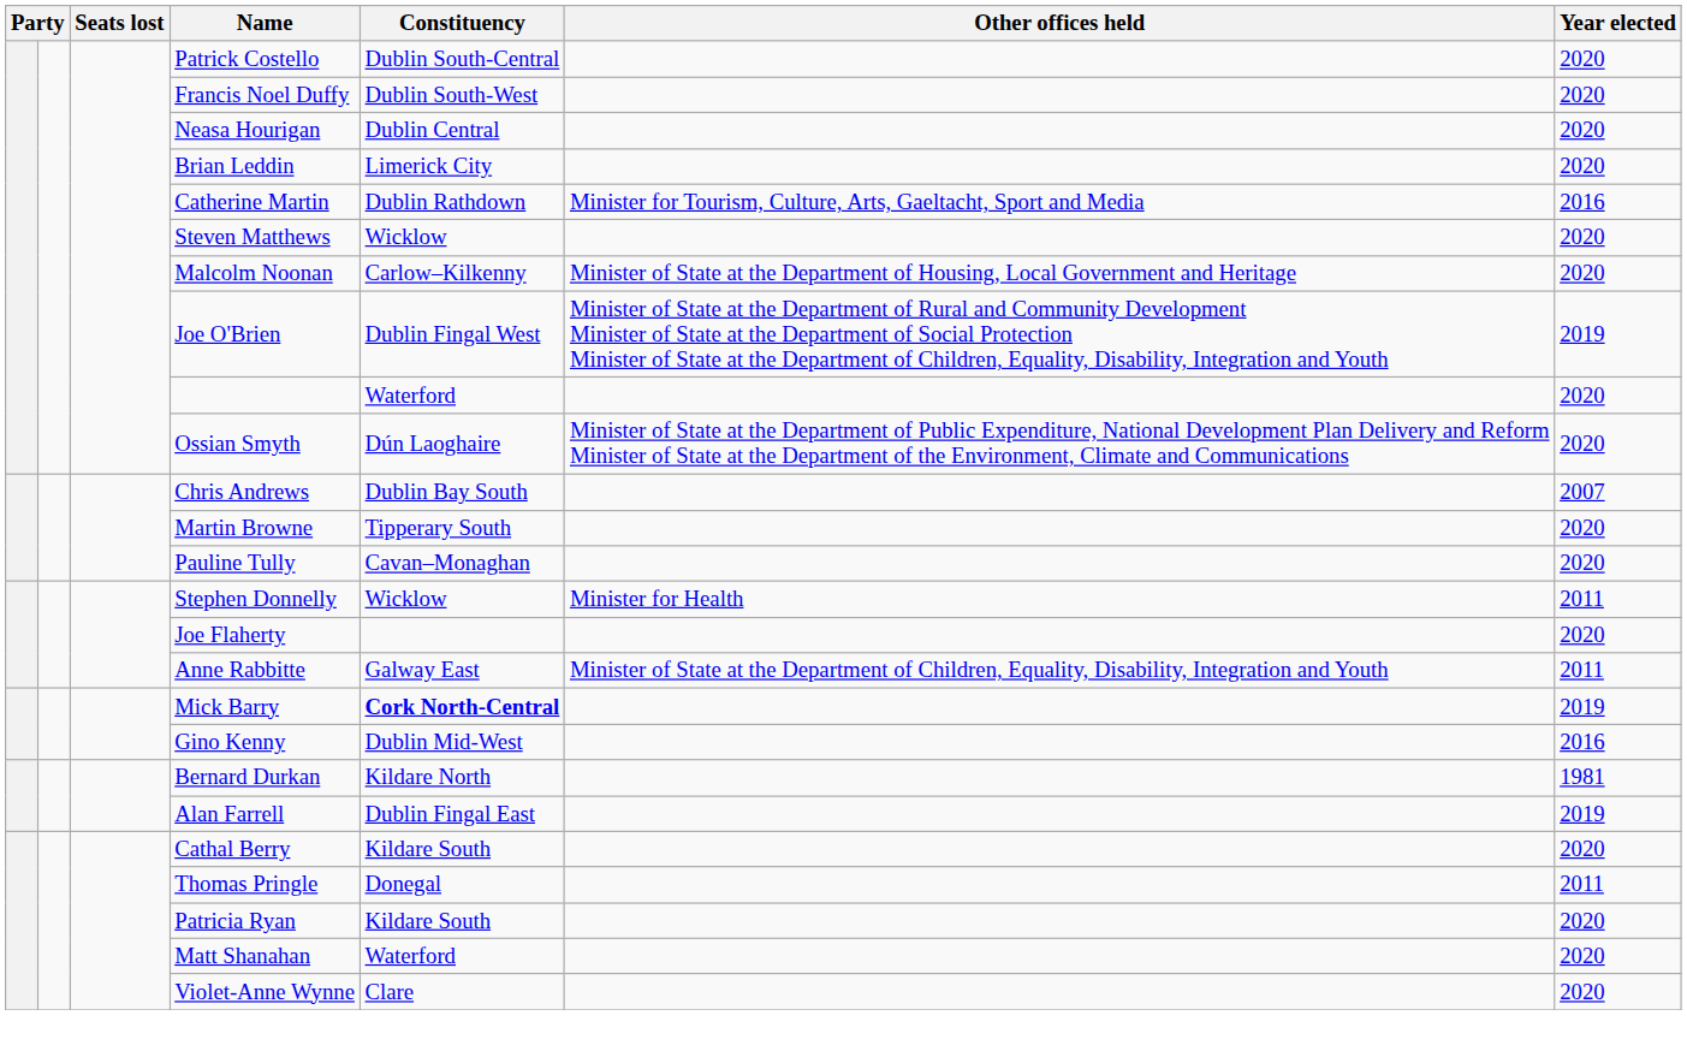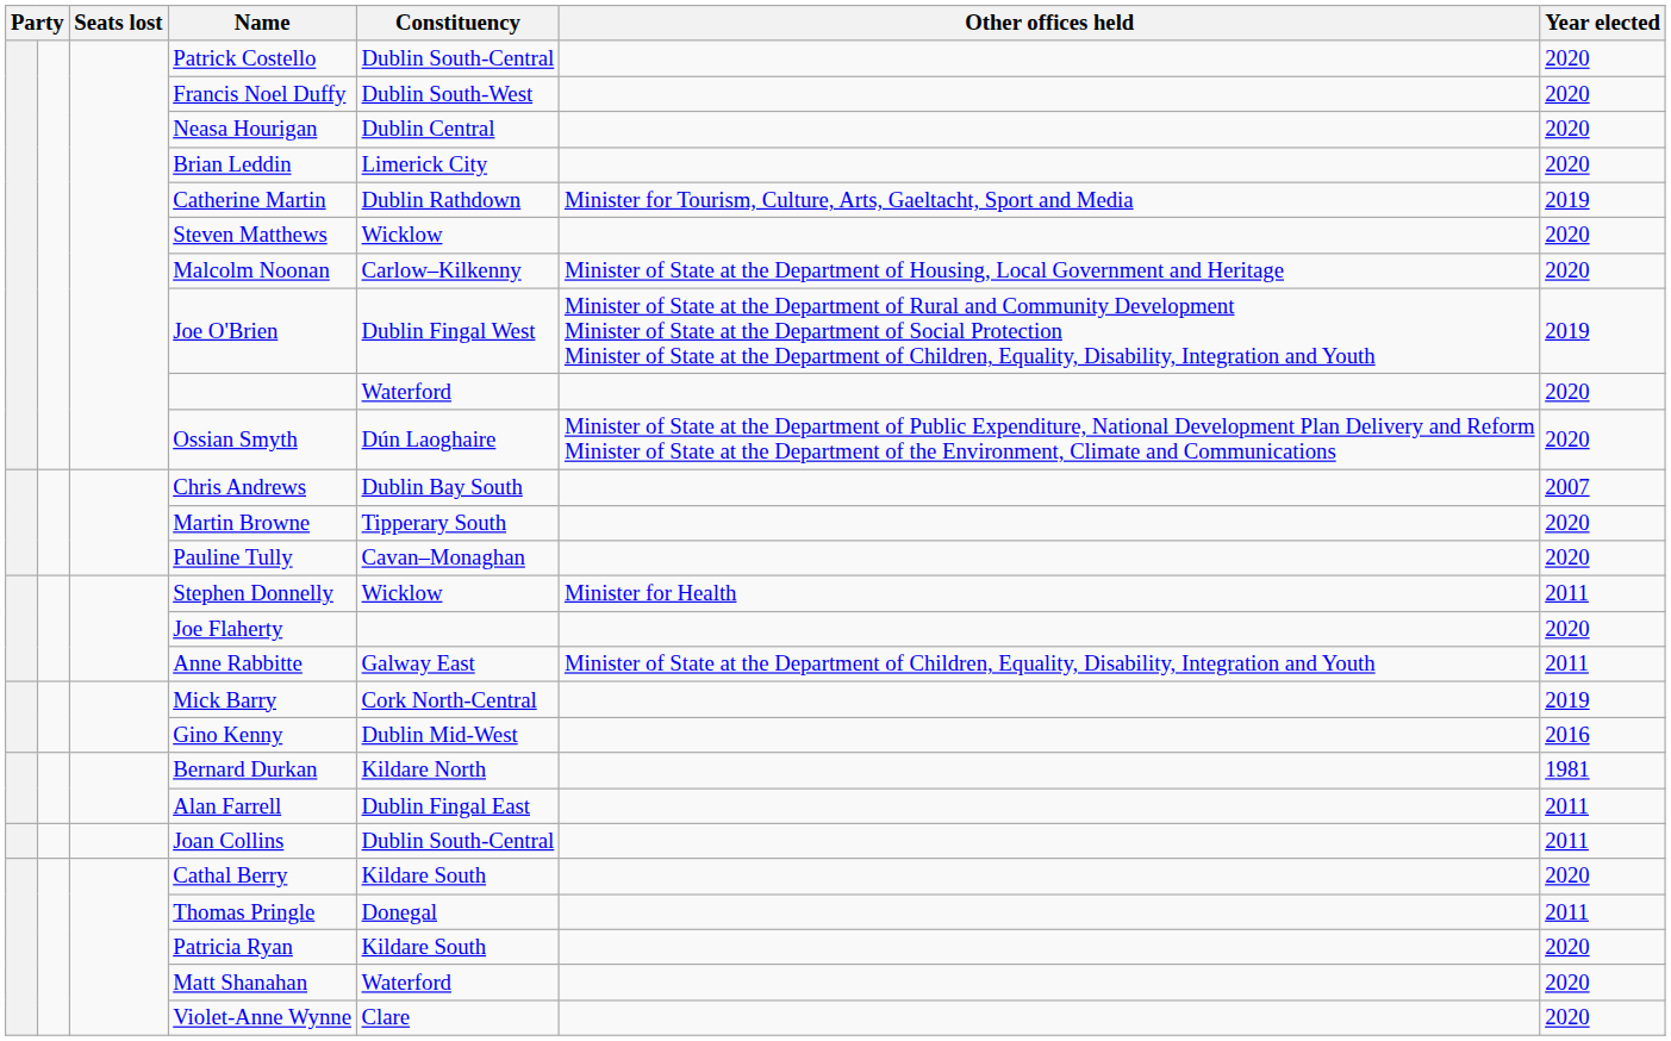 <table class="wikitable sortable collapsible" style="font-size: 100%;">
 <tr>
 <th colspan=2>Party</th>
 <th>Seats lost</th>
 <th>Name</th>
 <th>Constituency</th>
 <th>Other offices held</th>
 <th>Year elected</th>
 </tr>
 <tr>
 <th rowspan="10" style="background-color: "></th>
 <td rowspan="10"></td>
 <td rowspan="10"></td>
 <td data-sort-value="Costello, Patrick"><a href='#'>Patrick Costello</a></td>
 <td><a href='#'>Dublin South-Central</a></td>
 <td></td>
 <td><a href='#'>2020</a></td>
 </tr>
 <tr>
 <td data-sort-value="Duffy, Francis Noel"><a href='#'>Francis Noel Duffy</a></td>
 <td><a href='#'>Dublin South-West</a></td>
 <td></td>
 <td><a href='#'>2020</a></td>
 </tr>
 <tr>
 <td data-sort-value="Hourigan, Neasa"><a href='#'>Neasa Hourigan</a></td>
 <td><a href='#'>Dublin Central</a></td>
 <td></td>
 <td><a href='#'>2020</a></td>
 </tr>
 <tr>
 <td data-sort-value="Leddin, Brian"><a href='#'>Brian Leddin</a></td>
 <td><a href='#'>Limerick City</a></td>
 <td></td>
 <td><a href='#'>2020</a></td>
 </tr>
 <tr>
 <td data-sort-value="Martin, Catherine"><a href='#'>Catherine Martin</a></td>
 <td><a href='#'>Dublin Rathdown</a></td>
 <td><a href='#'>Minister for Tourism, Culture, Arts, Gaeltacht, Sport and Media</a></td>
-<td><a href='#'>2016</a></td>
+<td><a href='#'>2019</a></td>
 </tr>
 <tr>
 <td data-sort-value="Matthews, Steven"><a href='#'>Steven Matthews</a></td>
 <td><a href='#'>Wicklow</a></td>
 <td></td>
 <td><a href='#'>2020</a></td>
 </tr>
 <tr>
 <td data-sort-value="Noonan, Malcolm"><a href='#'>Malcolm Noonan</a></td>
 <td><a href='#'>Carlow–Kilkenny</a></td>
 <td><a href='#'>Minister of State at the Department of Housing, Local Government and Heritage</a></td>
 <td><a href='#'>2020</a></td>
 </tr>
 <tr>
 <td data-sort-value="O'Brien, Joe"><a href='#'>Joe O'Brien</a></td>
 <td><a href='#'>Dublin Fingal West</a></td>
 <td><a href='#'>Minister of State at the Department of Rural and Community Development</a><br><a href='#'>Minister of State at the Department of Social Protection</a><br><a href='#'>Minister of State at the Department of Children, Equality, Disability, Integration and Youth</a></td>
 <td><a href='#'>2019</a></td>
 </tr>
 <tr>
 <td data-sort-value="Ó Cathasaigh, Marc"></td>
 <td><a href='#'>Waterford</a></td>
 <td></td>
 <td><a href='#'>2020</a></td>
 </tr>
 <tr>
 <td data-sort-value="Smyth, Ossian"><a href='#'>Ossian Smyth</a></td>
 <td><a href='#'>Dún Laoghaire</a></td>
 <td><a href='#'>Minister of State at the Department of Public Expenditure, National Development Plan Delivery and Reform</a><br><a href='#'>Minister of State at the Department of the Environment, Climate and Communications</a></td>
 <td><a href='#'>2020</a></td>
 </tr>
 <tr>
 <th rowspan="3" style="background-color: "></th>
 <td rowspan="3"></td>
 <td rowspan="3"></td>
 <td data-sort-value="Andrews, Chris"><a href='#'>Chris Andrews</a></td>
 <td><a href='#'>Dublin Bay South</a></td>
 <td></td>
 <td><a href='#'>2007</a></td>
 </tr>
 <tr>
 <td data-sort-value="Browne, Martin"><a href='#'>Martin Browne</a></td>
 <td><a href='#'>Tipperary South</a></td>
 <td></td>
 <td><a href='#'>2020</a></td>
 </tr>
 <tr>
 <td data-sort-value="Tully, Pauline"><a href='#'>Pauline Tully</a></td>
 <td><a href='#'>Cavan–Monaghan</a></td>
 <td></td>
 <td><a href='#'>2020</a></td>
 </tr>
 <tr>
 <th rowspan="3" style="background-color: "></th>
 <td rowspan="3"></td>
 <td rowspan="3"></td>
 <td data-sort-value="Donnelly, Stephen"><a href='#'>Stephen Donnelly</a></td>
 <td><a href='#'>Wicklow</a></td>
 <td><a href='#'>Minister for Health</a></td>
 <td><a href='#'>2011</a></td>
 </tr>
 <tr>
 <td data-sort-value="Flaherty, Joe"><a href='#'>Joe Flaherty</a></td>
 <td></td>
 <td></td>
 <td><a href='#'>2020</a></td>
 </tr>
 <tr>
 <td data-sort-value="Rabbitte, Anne"><a href='#'>Anne Rabbitte</a></td>
 <td><a href='#'>Galway East</a></td>
 <td><a href='#'>Minister of State at the Department of Children, Equality, Disability, Integration and Youth</a></td>
 <td><a href='#'>2011</a></td>
 </tr>
 <tr>
 <th rowspan="2" style="background-color: "></th>
 <td rowspan="2"></td>
 <td rowspan="2"></td>
 <td data-sort-value="Barry, Mick"><a href='#'>Mick Barry</a></td>
-<td><strong><a href='#'>Cork North-Central</a></strong></td>
+<td><a href='#'>Cork North-Central</a></td>
 <td></td>
 <td><a href='#'>2019</a></td>
 </tr>
 <tr>
 <td data-sort-value="Kenny, Gino"><a href='#'>Gino Kenny</a></td>
 <td><a href='#'>Dublin Mid-West</a></td>
 <td></td>
 <td><a href='#'>2016</a></td>
 </tr>
 <tr>
 <th rowspan="2" style="background-color: "></th>
 <td rowspan="2"></td>
 <td rowspan="2"></td>
 <td data-sort-value="Durkan, Bernard"><a href='#'>Bernard Durkan</a></td>
 <td><a href='#'>Kildare North</a></td>
 <td></td>
 <td><a href='#'>1981</a></td>
 </tr>
 <tr>
 <td data-sort-value="Farrell, Alan"><a href='#'>Alan Farrell</a></td>
 <td><a href='#'>Dublin Fingal East</a></td>
 <td></td>
-<td><a href='#'>2019</a></td>
+<td><a href='#'>2011</a></td>
+</tr>
+<tr>
+<th rowspan="1" style="background-color: "></th>
+<td rowspan="1"></td>
+<td rowspan="1"></td>
+<td data-sort-value="Collins, Joan"><a href='#'>Joan Collins</a></td>
+<td><a href='#'>Dublin South-Central</a></td>
+<td></td>
+<td><a href='#'>2011</a></td>
 </tr>
 <tr>
 <th rowspan="5" style="background-color: "></th>
 <td rowspan="5"></td>
 <td rowspan="5"></td>
 <td data-sort-value="Berry, Cathal"><a href='#'>Cathal Berry</a></td>
 <td><a href='#'>Kildare South</a></td>
 <td></td>
 <td><a href='#'>2020</a></td>
 </tr>
 <tr>
 <td data-sort-value="Pringle, Thomas"><a href='#'>Thomas Pringle</a></td>
 <td><a href='#'>Donegal</a></td>
 <td></td>
 <td><a href='#'>2011</a></td>
 </tr>
 <tr>
 <td data-sort-value="Ryan, Patricia"><a href='#'>Patricia Ryan</a></td>
 <td><a href='#'>Kildare South</a></td>
 <td></td>
 <td><a href='#'>2020</a></td>
 </tr>
 <tr>
 <td data-sort-value="Shanahan, Matt"><a href='#'>Matt Shanahan</a></td>
 <td><a href='#'>Waterford</a></td>
 <td></td>
 <td><a href='#'>2020</a></td>
 </tr>
 <tr>
 <td data-sort-value="Wynne, Violet-Anne"><a href='#'>Violet-Anne Wynne</a></td>
 <td><a href='#'>Clare</a></td>
 <td></td>
 <td><a href='#'>2020</a></td>
 </tr>
 </table>
